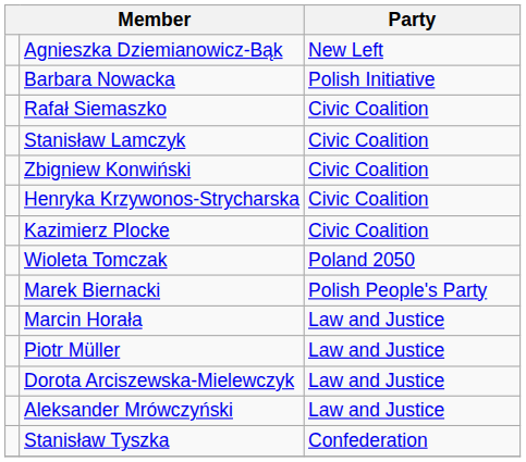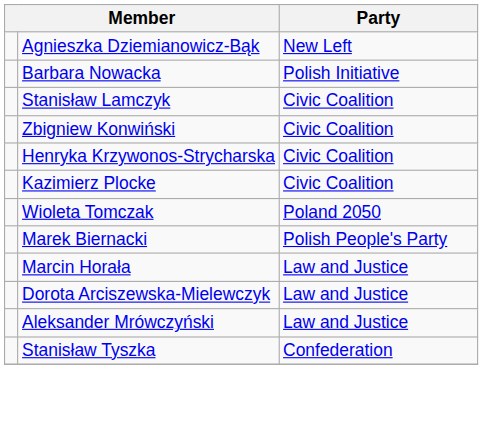 <table class="wikitable">
 <tr>
 <th width=200px colspan=2>Member</th>
 <th width=175px>Party</th>
 </tr>
 <tr>
 <td style="background-color: "></td>
 <td><a href='#'>Agnieszka Dziemianowicz-Bąk</a></td>
 <td><a href='#'>New Left</a></td>
 </tr>
 <tr>
 <td style="background-color: "></td>
 <td><a href='#'>Barbara Nowacka</a></td>
 <td><a href='#'>Polish Initiative</a></td>
-</tr>
-<tr>
-<td width=5px style="background-color: "></td>
-<td><a href='#'>Rafał Siemaszko</a></td>
-<td><a href='#'>Civic Coalition</a></td>
 </tr>
 <tr>
 <td width=5px style="background-color: "></td>
 <td><a href='#'>Stanisław Lamczyk</a></td>
 <td><a href='#'>Civic Coalition</a></td>
 </tr>
 <tr>
 <td style="background-color: "></td>
 <td><a href='#'>Zbigniew Konwiński</a></td>
 <td><a href='#'>Civic Coalition</a></td>
 </tr>
 <tr>
 <td style="background-color: "></td>
 <td><a href='#'>Henryka Krzywonos-Strycharska</a></td>
 <td><a href='#'>Civic Coalition</a></td>
 </tr>
 <tr>
 <td style="background-color: "></td>
 <td><a href='#'>Kazimierz Plocke</a></td>
 <td><a href='#'>Civic Coalition</a></td>
 </tr>
 <tr>
 <td width=5px style="background-color: "></td>
 <td><a href='#'>Wioleta Tomczak</a></td>
 <td><a href='#'>Poland 2050</a></td>
 </tr>
 <tr>
 <td style="background-color: "></td>
 <td><a href='#'>Marek Biernacki</a></td>
 <td><a href='#'>Polish People's Party</a></td>
 </tr>
 <tr>
 <td style="background-color: "></td>
 <td><a href='#'>Marcin Horała</a></td>
 <td><a href='#'>Law and Justice</a></td>
 </tr>
 <tr>
 <td style="background-color: "></td>
-<td><a href='#'>Piotr Müller</a></td>
-<td><a href='#'>Law and Justice</a></td>
-</tr>
-<tr>
-<td style="background-color: "></td>
 <td><a href='#'>Dorota Arciszewska-Mielewczyk</a></td>
 <td><a href='#'>Law and Justice</a></td>
 </tr>
 <tr>
 <td style="background-color: "></td>
 <td><a href='#'>Aleksander Mrówczyński</a></td>
 <td><a href='#'>Law and Justice</a></td>
 </tr>
 <tr>
 <td style="background-color: "></td>
 <td><a href='#'>Stanisław Tyszka</a></td>
 <td><a href='#'>Confederation</a></td>
 </tr>
 <tr>
 </tr>
 </table>
